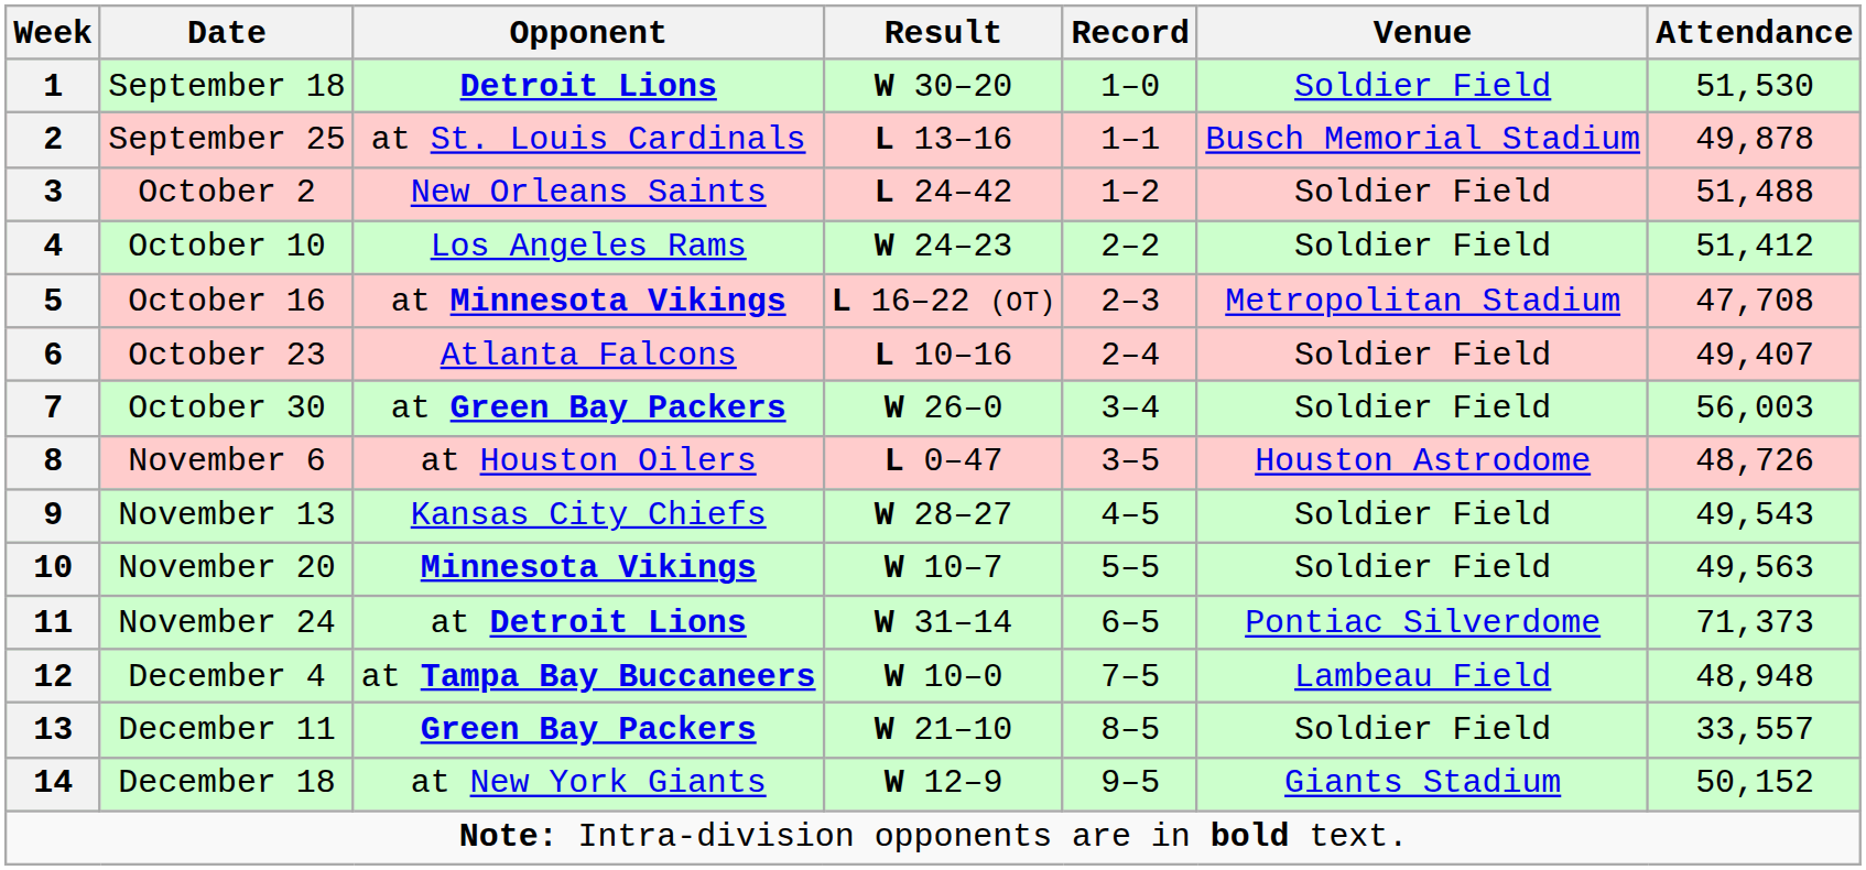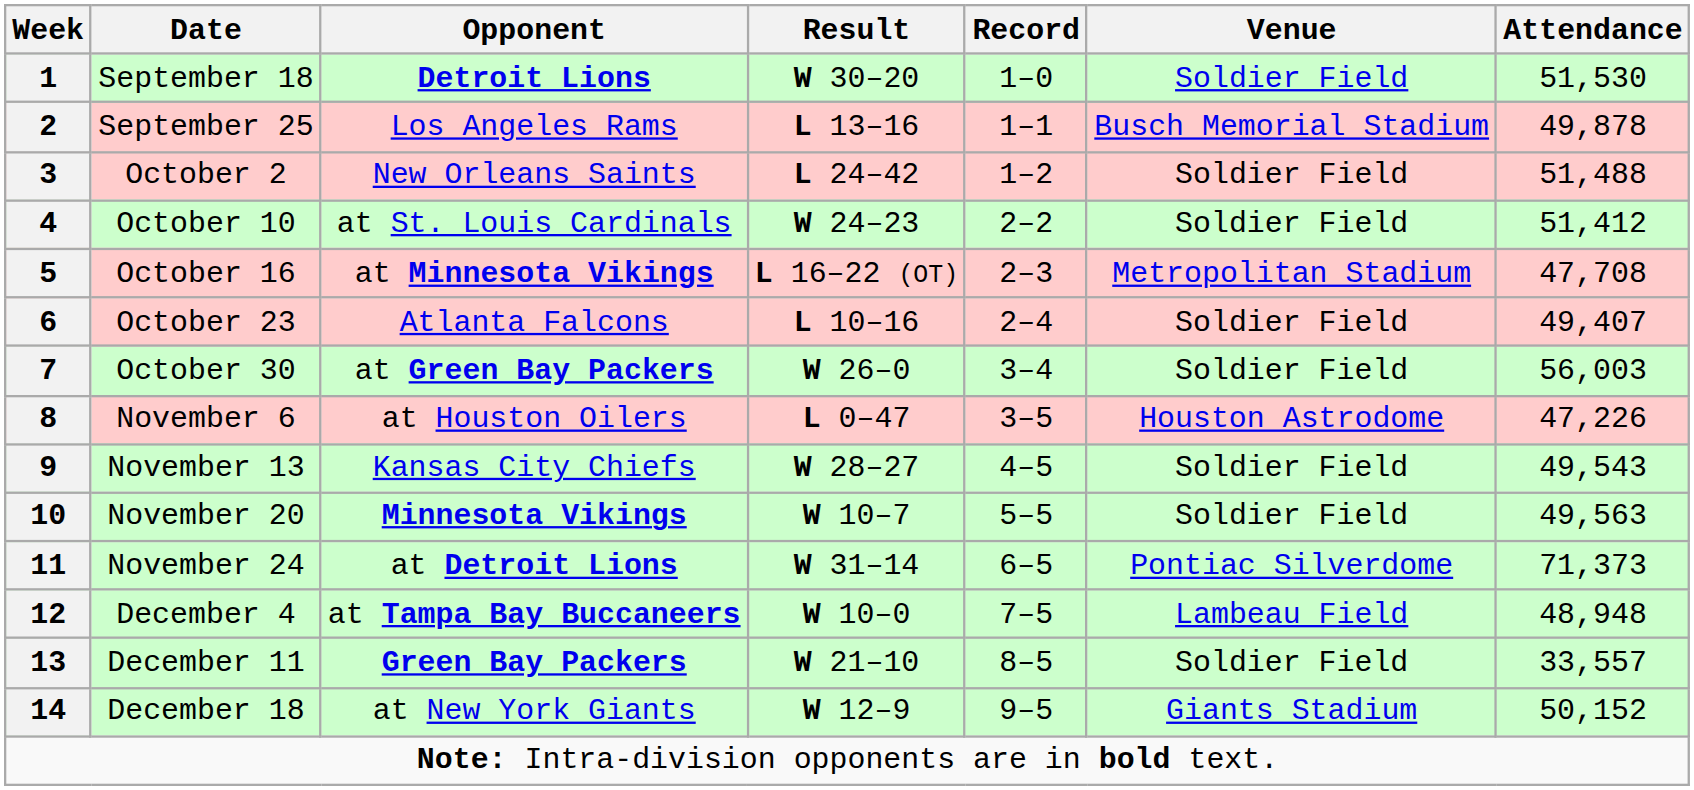 <table class="wikitable" style="text-align:center">
 <tr>
 <th>Week</th>
 <th>Date</th>
 <th>Opponent</th>
 <th>Result</th>
 <th>Record</th>
 <th>Venue</th>
 <th>Attendance</th>
 </tr>
 <tr style="background:#cfc">
 <th>1</th>
 <td>September 18</td>
 <td><strong><a href='#'>Detroit Lions</a></strong></td>
 <td><strong>W</strong> 30–20</td>
 <td>1–0</td>
 <td><a href='#'>Soldier Field</a></td>
 <td>51,530</td>
 </tr>
 <tr style="background:#fcc">
 <th>2</th>
 <td>September 25</td>
-<td>at <a href='#'>St. Louis Cardinals</a></td>
+<td><a href='#'>Los Angeles Rams</a></td>
 <td><strong>L</strong> 13–16</td>
 <td>1–1</td>
 <td><a href='#'>Busch Memorial Stadium</a></td>
 <td>49,878</td>
 </tr>
 <tr style="background:#fcc">
 <th>3</th>
 <td>October 2</td>
 <td><a href='#'>New Orleans Saints</a></td>
 <td><strong>L</strong> 24–42</td>
 <td>1–2</td>
 <td>Soldier Field</td>
 <td>51,488</td>
 </tr>
 <tr style="background:#cfc">
 <th>4</th>
 <td>October 10</td>
-<td><a href='#'>Los Angeles Rams</a></td>
+<td>at <a href='#'>St. Louis Cardinals</a></td>
 <td><strong>W</strong> 24–23</td>
 <td>2–2</td>
 <td>Soldier Field</td>
 <td>51,412</td>
 </tr>
 <tr style="background:#fcc">
 <th>5</th>
 <td>October 16</td>
 <td>at <strong><a href='#'>Minnesota Vikings</a></strong></td>
 <td><strong>L</strong> 16–22 <small>(OT)</small></td>
 <td>2–3</td>
 <td><a href='#'>Metropolitan Stadium</a></td>
 <td>47,708</td>
 </tr>
 <tr style="background:#fcc">
 <th>6</th>
 <td>October 23</td>
 <td><a href='#'>Atlanta Falcons</a></td>
 <td><strong>L</strong> 10–16</td>
 <td>2–4</td>
 <td>Soldier Field</td>
 <td>49,407</td>
 </tr>
 <tr style="background:#cfc">
 <th>7</th>
 <td>October 30</td>
 <td>at <strong><a href='#'>Green Bay Packers</a></strong></td>
 <td><strong>W</strong> 26–0</td>
 <td>3–4</td>
 <td>Soldier Field</td>
 <td>56,003</td>
 </tr>
 <tr style="background:#fcc">
 <th>8</th>
 <td>November 6</td>
 <td>at <a href='#'>Houston Oilers</a></td>
 <td><strong>L</strong> 0–47</td>
 <td>3–5</td>
 <td><a href='#'>Houston Astrodome</a></td>
-<td>48,726</td>
+<td>47,226</td>
 </tr>
 <tr style="background:#cfc">
 <th>9</th>
 <td>November 13</td>
 <td><a href='#'>Kansas City Chiefs</a></td>
 <td><strong>W</strong> 28–27</td>
 <td>4–5</td>
 <td>Soldier Field</td>
 <td>49,543</td>
 </tr>
 <tr style="background:#cfc">
 <th>10</th>
 <td>November 20</td>
 <td><strong><a href='#'>Minnesota Vikings</a></strong></td>
 <td><strong>W</strong> 10–7</td>
 <td>5–5</td>
 <td>Soldier Field</td>
 <td>49,563</td>
 </tr>
 <tr style="background:#cfc">
 <th>11</th>
 <td>November 24</td>
 <td>at <strong><a href='#'>Detroit Lions</a></strong></td>
 <td><strong>W</strong> 31–14</td>
 <td>6–5</td>
 <td><a href='#'>Pontiac Silverdome</a></td>
 <td>71,373</td>
 </tr>
 <tr style="background:#cfc">
 <th>12</th>
 <td>December 4</td>
 <td>at <strong><a href='#'>Tampa Bay Buccaneers</a></strong></td>
 <td><strong>W</strong> 10–0</td>
 <td>7–5</td>
 <td><a href='#'>Lambeau Field</a></td>
 <td>48,948</td>
 </tr>
 <tr style="background:#cfc">
 <th>13</th>
 <td>December 11</td>
 <td><strong><a href='#'>Green Bay Packers</a></strong></td>
 <td><strong>W</strong> 21–10</td>
 <td>8–5</td>
 <td>Soldier Field</td>
 <td>33,557</td>
 </tr>
 <tr style="background:#cfc">
 <th>14</th>
 <td>December 18</td>
 <td>at <a href='#'>New York Giants</a></td>
 <td><strong>W</strong> 12–9 </td>
 <td>9–5</td>
 <td><a href='#'>Giants Stadium</a></td>
 <td>50,152</td>
 </tr>
 <tr>
 <td colspan="8"><strong>Note:</strong> Intra-division opponents are in <strong>bold</strong> text.</td>
 </tr>
 </table>
